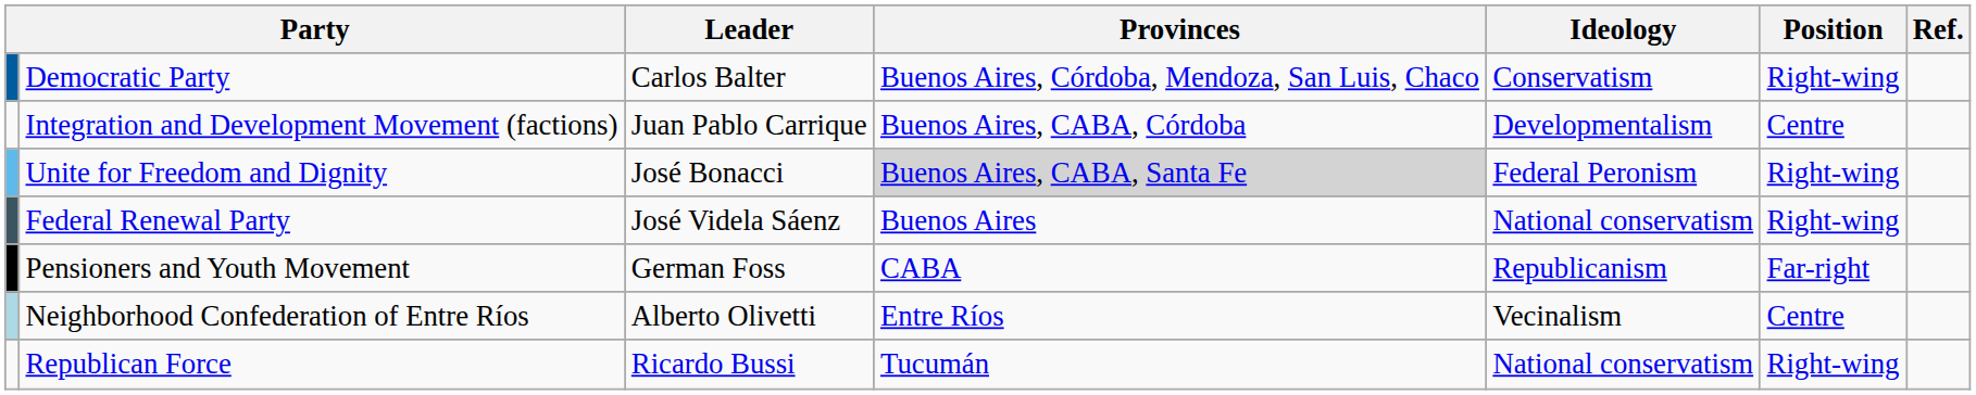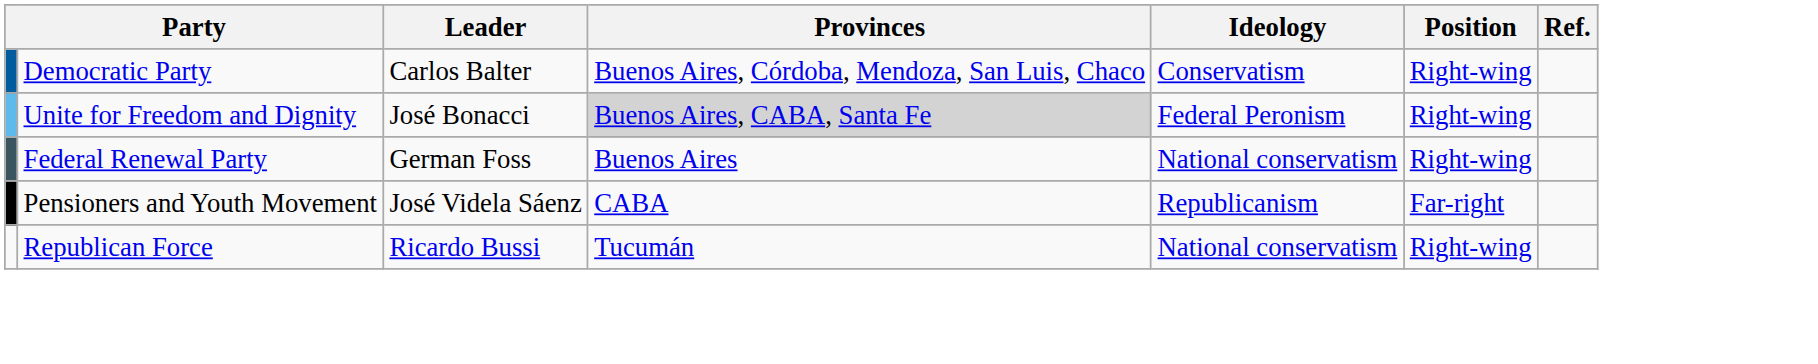 <table class="wikitable sortable" style="font-size:95%">
 <tr>
 <th colspan="2">Party</th>
 <th>Leader</th>
 <th>Provinces</th>
 <th>Ideology</th>
 <th>Position</th>
 <th>Ref.</th>
 </tr>
 <tr>
 <td bgcolor="#005C9E"></td>
 <td><a href='#'>Democratic Party</a></td>
 <td>Carlos Balter</td>
 <td><a href='#'>Buenos Aires</a>, <a href='#'>Córdoba</a>, <a href='#'>Mendoza</a>, <a href='#'>San Luis</a>, <a href='#'>Chaco</a></td>
 <td><a href='#'>Conservatism</a></td>
 <td><a href='#'>Right-wing</a></td>
 <td></td>
 </tr>
 <tr>
-<td></td>
-<td><a href='#'>Integration and Development Movement</a> (factions)</td>
-<td>Juan Pablo Carrique</td>
-<td><a href='#'>Buenos Aires</a>, <a href='#'>CABA</a>, <a href='#'>Córdoba</a></td>
-<td><a href='#'>Developmentalism</a></td>
-<td><a href='#'>Centre</a></td>
-<td></td>
-</tr>
-<tr>
 <td bgcolor="5EBAEA"></td>
 <td><a href='#'>Unite for Freedom and Dignity</a></td>
 <td>José Bonacci</td>
 <td style="background: lightgrey;"><a href='#'>Buenos Aires</a>, <a href='#'>CABA</a>, <a href='#'>Santa Fe</a></td>
 <td><a href='#'>Federal Peronism</a></td>
 <td><a href='#'>Right-wing</a></td>
 <td></td>
 </tr>
 <tr>
 <td bgcolor="3a5560"></td>
 <td><a href='#'>Federal Renewal Party</a></td>
-<td>José Videla Sáenz</td>
+<td>German Foss</td>
 <td><a href='#'>Buenos Aires</a></td>
 <td><a href='#'>National conservatism</a></td>
 <td><a href='#'>Right-wing</a></td>
 <td></td>
 </tr>
 <tr>
 <td bgcolor="black"></td>
 <td>Pensioners and Youth Movement</td>
-<td>German Foss</td>
+<td>José Videla Sáenz</td>
 <td><a href='#'>CABA</a></td>
 <td><a href='#'>Republicanism</a></td>
 <td><a href='#'>Far-right</a></td>
-<td></td>
-</tr>
-<tr>
-<td bgcolor="#ADD8E6"></td>
-<td>Neighborhood Confederation of Entre Ríos</td>
-<td>Alberto Olivetti</td>
-<td><a href='#'>Entre Ríos</a></td>
-<td>Vecinalism</td>
-<td><a href='#'>Centre</a></td>
 <td></td>
 </tr>
 <tr>
 <td></td>
 <td><a href='#'>Republican Force</a></td>
 <td><a href='#'>Ricardo Bussi</a></td>
 <td><a href='#'>Tucumán</a></td>
 <td><a href='#'>National conservatism</a></td>
 <td><a href='#'>Right-wing</a></td>
 <td></td>
 </tr>
 </table>
